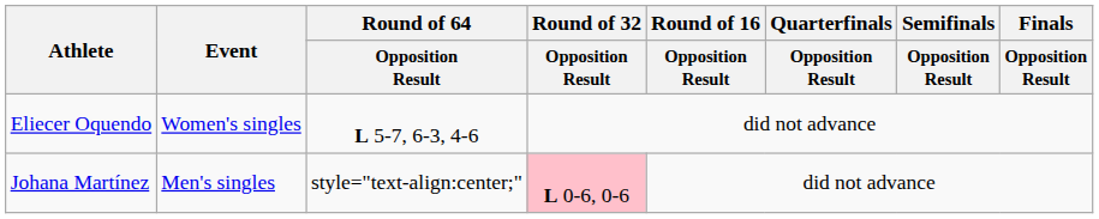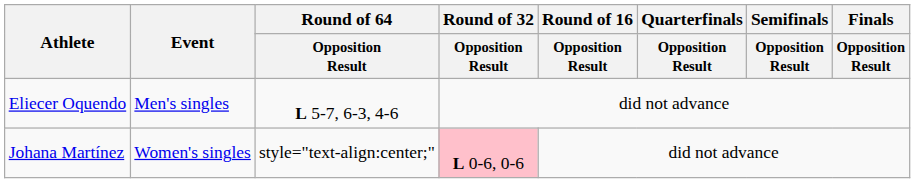 <table class=wikitable style="font-size:90%">
 <tr>
 <th rowspan="2">Athlete</th>
 <th rowspan="2">Event</th>
 <th>Round of 64</th>
 <th>Round of 32</th>
 <th>Round of 16</th>
 <th>Quarterfinals</th>
 <th>Semifinals</th>
 <th>Finals</th>
 </tr>
 <tr>
 <th style="line-height:1em"><small>Opposition<br>Result</small></th>
 <th style="line-height:1em"><small>Opposition<br>Result</small></th>
 <th style="line-height:1em"><small>Opposition<br>Result</small></th>
 <th style="line-height:1em"><small>Opposition<br>Result</small></th>
 <th style="line-height:1em"><small>Opposition<br>Result</small></th>
 <th style="line-height:1em"><small>Opposition<br>Result</small></th>
 </tr>
 <tr>
 <td><a href='#'>Eliecer Oquendo</a></td>
-<td><a href='#'>Women's singles</a></td>
+<td><a href='#'>Men's singles</a></td>
 <td style="text-align:center;"><br><strong>L</strong> 5-7, 6-3, 4-6</td>
 <td style="text-align:center;" colspan="5">did not advance</td>
 </tr>
 <tr>
 <td><a href='#'>Johana Martínez</a></td>
-<td><a href='#'>Men's singles</a></td>
+<td><a href='#'>Women's singles</a></td>
 <td>style="text-align:center;" </td>
 <td style="background: pink; text-align:center;"><br><strong>L</strong> 0-6, 0-6</td>
 <td style="text-align:center;" colspan="4">did not advance</td>
 </tr>
 </table>
